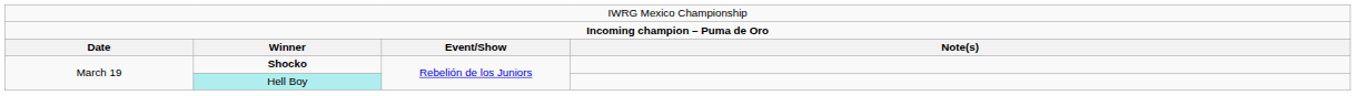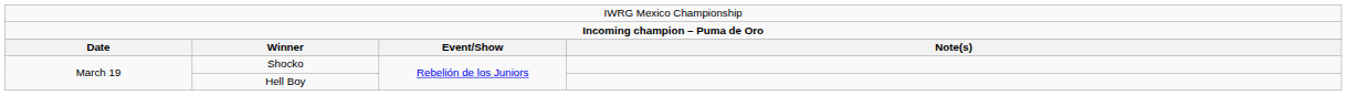 <table class="wikitable" style="text-align:center; width:100%;">
 <tr>
 <td colspan="5" style="text-align: center;">IWRG Mexico Championship</td>
 </tr>
 <tr>
 <td colspan="5" style="text-align: center;"><strong>Incoming champion – Puma de Oro</strong></td>
 </tr>
 <tr>
 <th width=14%>Date</th>
 <th width=14%>Winner</th>
 <th width=14%>Event/Show</th>
 <th width=58%>Note(s)</th>
 </tr>
 <tr>
 <td rowspan=2>March 19</td>
-<td><strong>Shocko</strong></td>
+<td>Shocko</td>
 <td rowspan=2><a href='#'>Rebelión de los Juniors</a></td>
 <td></td>
 </tr>
 <tr>
-<td style="background: paleturquoise;">Hell Boy</td>
+<td>Hell Boy</td>
 <td></td>
 </tr>
 </table>
